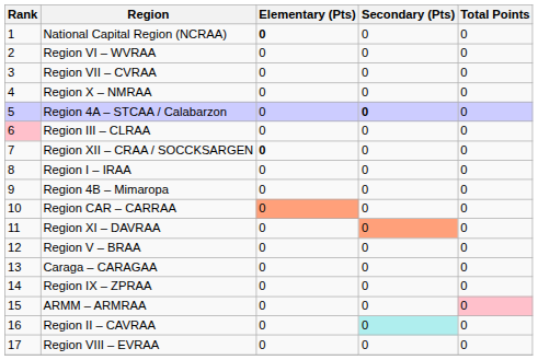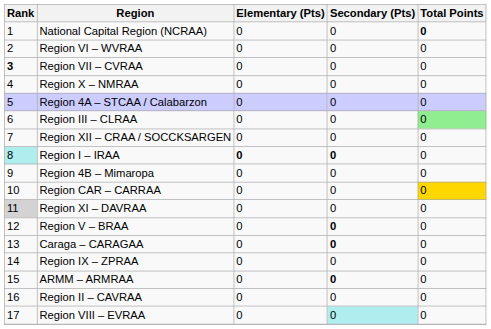 <table class=wikitable>
 <tr>
 <th>Rank</th>
 <th>Region</th>
 <th>Elementary (Pts)</th>
 <th>Secondary (Pts)</th>
 <th>Total Points</th>
 </tr>
 <tr>
 <td>1</td>
 <td>National Capital Region (NCRAA)</td>
-<td center><strong>0</strong></td>
+<td center>0</td>
 <td>0</td>
-<td>0</td>
+<td><strong>0</strong></td>
 </tr>
 <tr>
 <td>2</td>
 <td>Region VI – WVRAA</td>
 <td>0</td>
 <td>0</td>
 <td>0</td>
 </tr>
 <tr>
-<td>3</td>
+<td><strong>3</strong></td>
 <td>Region VII – CVRAA</td>
 <td>0</td>
 <td>0</td>
 <td>0</td>
 </tr>
 <tr>
 <td>4</td>
 <td>Region X – NMRAA</td>
 <td>0</td>
 <td>0</td>
 <td>0</td>
 </tr>
 <tr bgcolor=ccccff>
 <td>5</td>
 <td>Region 4A – STCAA / Calabarzon</td>
 <td>0</td>
-<td><strong>0</strong></td>
+<td>0</td>
 <td>0</td>
 </tr>
 <tr>
-<td style="background: pink;">6</td>
+<td>6</td>
 <td>Region III – CLRAA</td>
+<td>0</td>
+<td>0</td>
+<td style="background: lightgreen;">0</td>
+</tr>
+<tr>
+<td>7</td>
+<td>Region XII – CRAA / SOCCKSARGEN</td>
 <td>0</td>
 <td>0</td>
 <td>0</td>
 </tr>
 <tr>
-<td>7</td>
-<td>Region XII – CRAA / SOCCKSARGEN</td>
+<td style="background: paleturquoise;">8</td>
+<td>Region I – IRAA</td>
 <td><strong>0</strong></td>
-<td>0</td>
-<td>0</td>
-</tr>
-<tr>
-<td>8</td>
-<td>Region I – IRAA</td>
-<td>0</td>
-<td>0</td>
+<td><strong>0</strong></td>
 <td>0</td>
 </tr>
 <tr>
 <td>9</td>
 <td>Region 4B – Mimaropa</td>
 <td>0</td>
 <td>0</td>
 <td>0</td>
 </tr>
 <tr>
 <td>10</td>
 <td>Region CAR – CARRAA</td>
-<td style="background: lightsalmon;">0</td>
 <td>0</td>
 <td>0</td>
+<td style="background: gold;">0</td>
 </tr>
 <tr>
-<td>11</td>
+<td style="background: lightgrey;">11</td>
 <td>Region XI – DAVRAA</td>
 <td>0</td>
-<td style="background: lightsalmon;">0</td>
+<td>0</td>
 <td>0</td>
 </tr>
 <tr>
 <td>12</td>
 <td>Region V – BRAA</td>
 <td>0</td>
-<td>0</td>
+<td><strong>0</strong></td>
 <td>0</td>
 </tr>
 <tr>
 <td>13</td>
 <td>Caraga – CARAGAA</td>
 <td>0</td>
-<td>0</td>
+<td><strong>0</strong></td>
 <td>0</td>
 </tr>
 <tr>
 <td>14</td>
 <td>Region IX – ZPRAA</td>
 <td>0</td>
 <td>0</td>
 <td>0</td>
 </tr>
 <tr>
 <td>15</td>
 <td>ARMM – ARMRAA</td>
 <td>0</td>
+<td><strong>0</strong></td>
 <td>0</td>
-<td style="background: pink;">0</td>
 </tr>
 <tr>
 <td>16</td>
 <td>Region II – CAVRAA</td>
 <td>0</td>
-<td style="background: paleturquoise;">0</td>
+<td>0</td>
 <td>0</td>
 </tr>
 <tr>
 <td>17</td>
 <td>Region VIII – EVRAA</td>
 <td>0</td>
-<td>0</td>
+<td style="background: paleturquoise;">0</td>
 <td>0</td>
 </tr>
 <tr>
 </tr>
 </table>
